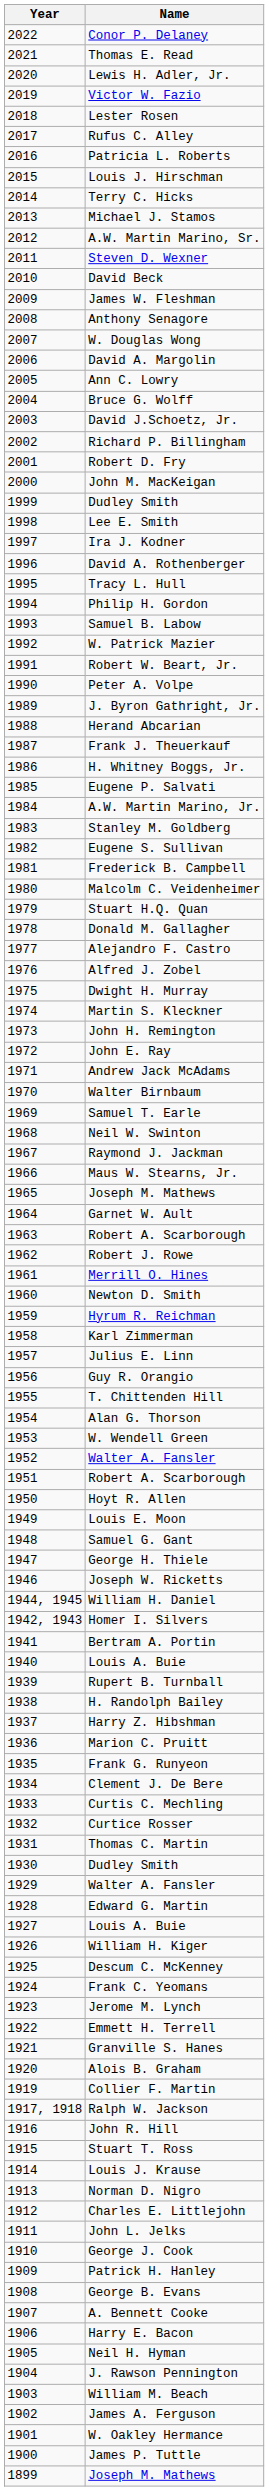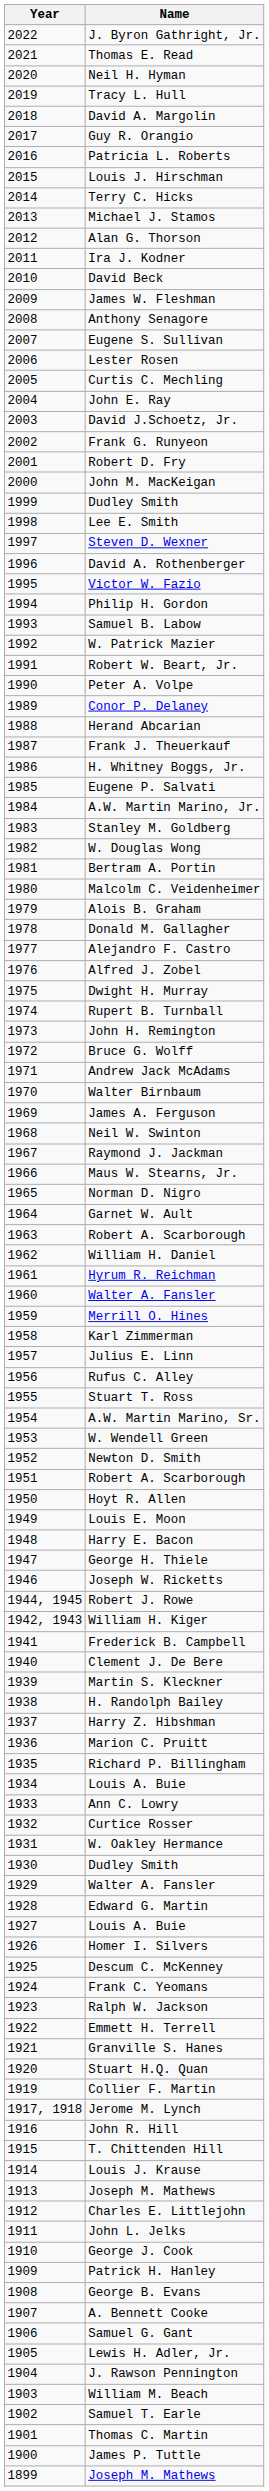 <table class="wikitable">
 <tr>
 <th>Year</th>
 <th>Name</th>
 </tr>
 <tr>
 <td>2022</td>
-<td><a href='#'>Conor P. Delaney</a></td>
+<td>J. Byron Gathright, Jr.</td>
 </tr>
 <tr>
 <td>2021</td>
 <td>Thomas E. Read</td>
 </tr>
 <tr>
 <td>2020</td>
-<td>Lewis H. Adler, Jr.</td>
+<td>Neil H. Hyman</td>
 </tr>
 <tr>
 <td>2019</td>
-<td><a href='#'>Victor W. Fazio</a></td>
+<td>Tracy L. Hull</td>
 </tr>
 <tr>
 <td>2018</td>
-<td>Lester Rosen</td>
+<td>David A. Margolin</td>
 </tr>
 <tr>
 <td>2017</td>
-<td>Rufus C. Alley</td>
+<td>Guy R. Orangio</td>
 </tr>
 <tr>
 <td>2016</td>
 <td>Patricia L. Roberts</td>
 </tr>
 <tr>
 <td>2015</td>
 <td>Louis J. Hirschman</td>
 </tr>
 <tr>
 <td>2014</td>
 <td>Terry C. Hicks</td>
 </tr>
 <tr>
 <td>2013</td>
 <td>Michael J. Stamos</td>
 </tr>
 <tr>
 <td>2012</td>
-<td>A.W. Martin Marino, Sr.</td>
+<td>Alan G. Thorson</td>
 </tr>
 <tr>
 <td>2011</td>
-<td><a href='#'>Steven D. Wexner</a></td>
+<td>Ira J. Kodner</td>
 </tr>
 <tr>
 <td>2010</td>
 <td>David Beck</td>
 </tr>
 <tr>
 <td>2009</td>
 <td>James W. Fleshman</td>
 </tr>
 <tr>
 <td>2008</td>
 <td>Anthony Senagore</td>
 </tr>
 <tr>
 <td>2007</td>
-<td>W. Douglas Wong</td>
+<td>Eugene S. Sullivan</td>
 </tr>
 <tr>
 <td>2006</td>
-<td>David A. Margolin</td>
+<td>Lester Rosen</td>
 </tr>
 <tr>
 <td>2005</td>
-<td>Ann C. Lowry</td>
+<td>Curtis C. Mechling</td>
 </tr>
 <tr>
 <td>2004</td>
-<td>Bruce G. Wolff</td>
+<td>John E. Ray</td>
 </tr>
 <tr>
 <td>2003</td>
 <td>David J.Schoetz, Jr.</td>
 </tr>
 <tr>
 <td>2002</td>
-<td>Richard P. Billingham</td>
+<td>Frank G. Runyeon</td>
 </tr>
 <tr>
 <td>2001</td>
 <td>Robert D. Fry</td>
 </tr>
 <tr>
 <td>2000</td>
 <td>John M. MacKeigan</td>
 </tr>
 <tr>
 <td>1999</td>
 <td>Dudley Smith</td>
 </tr>
 <tr>
 <td>1998</td>
 <td>Lee E. Smith</td>
 </tr>
 <tr>
 <td>1997</td>
-<td>Ira J. Kodner</td>
+<td><a href='#'>Steven D. Wexner</a></td>
 </tr>
 <tr>
 <td>1996</td>
 <td>David A. Rothenberger</td>
 </tr>
 <tr>
 <td>1995</td>
-<td>Tracy L. Hull</td>
+<td><a href='#'>Victor W. Fazio</a></td>
 </tr>
 <tr>
 <td>1994</td>
 <td>Philip H. Gordon</td>
 </tr>
 <tr>
 <td>1993</td>
 <td>Samuel B. Labow</td>
 </tr>
 <tr>
 <td>1992</td>
 <td>W. Patrick Mazier</td>
 </tr>
 <tr>
 <td>1991</td>
 <td>Robert W. Beart, Jr.</td>
 </tr>
 <tr>
 <td>1990</td>
 <td>Peter A. Volpe</td>
 </tr>
 <tr>
 <td>1989</td>
-<td>J. Byron Gathright, Jr.</td>
+<td><a href='#'>Conor P. Delaney</a></td>
 </tr>
 <tr>
 <td>1988</td>
 <td>Herand Abcarian</td>
 </tr>
 <tr>
 <td>1987</td>
 <td>Frank J. Theuerkauf</td>
 </tr>
 <tr>
 <td>1986</td>
 <td>H. Whitney Boggs, Jr.</td>
 </tr>
 <tr>
 <td>1985</td>
 <td>Eugene P. Salvati</td>
 </tr>
 <tr>
 <td>1984</td>
 <td>A.W. Martin Marino, Jr.</td>
 </tr>
 <tr>
 <td>1983</td>
 <td>Stanley M. Goldberg</td>
 </tr>
 <tr>
 <td>1982</td>
-<td>Eugene S. Sullivan</td>
+<td>W. Douglas Wong</td>
 </tr>
 <tr>
 <td>1981</td>
-<td>Frederick B. Campbell</td>
+<td>Bertram A. Portin</td>
 </tr>
 <tr>
 <td>1980</td>
 <td>Malcolm C. Veidenheimer</td>
 </tr>
 <tr>
 <td>1979</td>
-<td>Stuart H.Q. Quan</td>
+<td>Alois B. Graham</td>
 </tr>
 <tr>
 <td>1978</td>
 <td>Donald M. Gallagher</td>
 </tr>
 <tr>
 <td>1977</td>
 <td>Alejandro F. Castro</td>
 </tr>
 <tr>
 <td>1976</td>
 <td>Alfred J. Zobel</td>
 </tr>
 <tr>
 <td>1975</td>
 <td>Dwight H. Murray</td>
 </tr>
 <tr>
 <td>1974</td>
-<td>Martin S. Kleckner</td>
+<td>Rupert B. Turnball</td>
 </tr>
 <tr>
 <td>1973</td>
 <td>John H. Remington</td>
 </tr>
 <tr>
 <td>1972</td>
-<td>John E. Ray</td>
+<td>Bruce G. Wolff</td>
 </tr>
 <tr>
 <td>1971</td>
 <td>Andrew Jack McAdams</td>
 </tr>
 <tr>
 <td>1970</td>
 <td>Walter Birnbaum</td>
 </tr>
 <tr>
 <td>1969</td>
-<td>Samuel T. Earle</td>
+<td>James A. Ferguson</td>
 </tr>
 <tr>
 <td>1968</td>
 <td>Neil W. Swinton</td>
 </tr>
 <tr>
 <td>1967</td>
 <td>Raymond J. Jackman</td>
 </tr>
 <tr>
 <td>1966</td>
 <td>Maus W. Stearns, Jr.</td>
 </tr>
 <tr>
 <td>1965</td>
-<td>Joseph M. Mathews</td>
+<td>Norman D. Nigro</td>
 </tr>
 <tr>
 <td>1964</td>
 <td>Garnet W. Ault</td>
 </tr>
 <tr>
 <td>1963</td>
 <td>Robert A. Scarborough</td>
 </tr>
 <tr>
 <td>1962</td>
-<td>Robert J. Rowe</td>
+<td>William H. Daniel</td>
 </tr>
 <tr>
 <td>1961</td>
-<td><a href='#'>Merrill O. Hines</a></td>
+<td><a href='#'>Hyrum R. Reichman</a></td>
 </tr>
 <tr>
 <td>1960</td>
-<td>Newton D. Smith</td>
+<td><a href='#'>Walter A. Fansler</a></td>
 </tr>
 <tr>
 <td>1959</td>
-<td><a href='#'>Hyrum R. Reichman</a></td>
+<td><a href='#'>Merrill O. Hines</a></td>
 </tr>
 <tr>
 <td>1958</td>
 <td>Karl Zimmerman</td>
 </tr>
 <tr>
 <td>1957</td>
 <td>Julius E. Linn</td>
 </tr>
 <tr>
 <td>1956</td>
-<td>Guy R. Orangio</td>
+<td>Rufus C. Alley</td>
 </tr>
 <tr>
 <td>1955</td>
-<td>T. Chittenden Hill</td>
+<td>Stuart T. Ross</td>
 </tr>
 <tr>
 <td>1954</td>
-<td>Alan G. Thorson</td>
+<td>A.W. Martin Marino, Sr.</td>
 </tr>
 <tr>
 <td>1953</td>
 <td>W. Wendell Green</td>
 </tr>
 <tr>
 <td>1952</td>
-<td><a href='#'>Walter A. Fansler</a></td>
+<td>Newton D. Smith</td>
 </tr>
 <tr>
 <td>1951</td>
 <td>Robert A. Scarborough</td>
 </tr>
 <tr>
 <td>1950</td>
 <td>Hoyt R. Allen</td>
 </tr>
 <tr>
 <td>1949</td>
 <td>Louis E. Moon</td>
 </tr>
 <tr>
 <td>1948</td>
-<td>Samuel G. Gant</td>
+<td>Harry E. Bacon</td>
 </tr>
 <tr>
 <td>1947</td>
 <td>George H. Thiele</td>
 </tr>
 <tr>
 <td>1946</td>
 <td>Joseph W. Ricketts</td>
 </tr>
 <tr>
 <td>1944, 1945</td>
-<td>William H. Daniel</td>
+<td>Robert J. Rowe</td>
 </tr>
 <tr>
 <td>1942, 1943</td>
-<td>Homer I. Silvers</td>
+<td>William H. Kiger</td>
 </tr>
 <tr>
 <td>1941</td>
-<td>Bertram A. Portin</td>
+<td>Frederick B. Campbell</td>
 </tr>
 <tr>
 <td>1940</td>
-<td>Louis A. Buie</td>
+<td>Clement J. De Bere</td>
 </tr>
 <tr>
 <td>1939</td>
-<td>Rupert B. Turnball</td>
+<td>Martin S. Kleckner</td>
 </tr>
 <tr>
 <td>1938</td>
 <td>H. Randolph Bailey</td>
 </tr>
 <tr>
 <td>1937</td>
 <td>Harry Z. Hibshman</td>
 </tr>
 <tr>
 <td>1936</td>
 <td>Marion C. Pruitt</td>
 </tr>
 <tr>
 <td>1935</td>
-<td>Frank G. Runyeon</td>
+<td>Richard P. Billingham</td>
 </tr>
 <tr>
 <td>1934</td>
-<td>Clement J. De Bere</td>
+<td>Louis A. Buie</td>
 </tr>
 <tr>
 <td>1933</td>
-<td>Curtis C. Mechling</td>
+<td>Ann C. Lowry</td>
 </tr>
 <tr>
 <td>1932</td>
 <td>Curtice Rosser</td>
 </tr>
 <tr>
 <td>1931</td>
-<td>Thomas C. Martin</td>
+<td>W. Oakley Hermance</td>
 </tr>
 <tr>
 <td>1930</td>
 <td>Dudley Smith</td>
 </tr>
 <tr>
 <td>1929</td>
 <td>Walter A. Fansler</td>
 </tr>
 <tr>
 <td>1928</td>
 <td>Edward G. Martin</td>
 </tr>
 <tr>
 <td>1927</td>
 <td>Louis A. Buie</td>
 </tr>
 <tr>
 <td>1926</td>
-<td>William H. Kiger</td>
+<td>Homer I. Silvers</td>
 </tr>
 <tr>
 <td>1925</td>
 <td>Descum C. McKenney</td>
 </tr>
 <tr>
 <td>1924</td>
 <td>Frank C. Yeomans</td>
 </tr>
 <tr>
 <td>1923</td>
-<td>Jerome M. Lynch</td>
+<td>Ralph W. Jackson</td>
 </tr>
 <tr>
 <td>1922</td>
 <td>Emmett H. Terrell</td>
 </tr>
 <tr>
 <td>1921</td>
 <td>Granville S. Hanes</td>
 </tr>
 <tr>
 <td>1920</td>
-<td>Alois B. Graham</td>
+<td>Stuart H.Q. Quan</td>
 </tr>
 <tr>
 <td>1919</td>
 <td>Collier F. Martin</td>
 </tr>
 <tr>
 <td>1917, 1918</td>
-<td>Ralph W. Jackson</td>
+<td>Jerome M. Lynch</td>
 </tr>
 <tr>
 <td>1916</td>
 <td>John R. Hill</td>
 </tr>
 <tr>
 <td>1915</td>
-<td>Stuart T. Ross</td>
+<td>T. Chittenden Hill</td>
 </tr>
 <tr>
 <td>1914</td>
 <td>Louis J. Krause</td>
 </tr>
 <tr>
 <td>1913</td>
-<td>Norman D. Nigro</td>
+<td>Joseph M. Mathews</td>
 </tr>
 <tr>
 <td>1912</td>
 <td>Charles E. Littlejohn</td>
 </tr>
 <tr>
 <td>1911</td>
 <td>John L. Jelks</td>
 </tr>
 <tr>
 <td>1910</td>
 <td>George J. Cook</td>
 </tr>
 <tr>
 <td>1909</td>
 <td>Patrick H. Hanley</td>
 </tr>
 <tr>
 <td>1908</td>
 <td>George B. Evans</td>
 </tr>
 <tr>
 <td>1907</td>
 <td>A. Bennett Cooke</td>
 </tr>
 <tr>
 <td>1906</td>
-<td>Harry E. Bacon</td>
+<td>Samuel G. Gant</td>
 </tr>
 <tr>
 <td>1905</td>
-<td>Neil H. Hyman</td>
+<td>Lewis H. Adler, Jr.</td>
 </tr>
 <tr>
 <td>1904</td>
 <td>J. Rawson Pennington</td>
 </tr>
 <tr>
 <td>1903</td>
 <td>William M. Beach</td>
 </tr>
 <tr>
 <td>1902</td>
-<td>James A. Ferguson</td>
+<td>Samuel T. Earle</td>
 </tr>
 <tr>
 <td>1901</td>
-<td>W. Oakley Hermance</td>
+<td>Thomas C. Martin</td>
 </tr>
 <tr>
 <td>1900</td>
 <td>James P. Tuttle</td>
 </tr>
 <tr>
 <td>1899</td>
 <td><a href='#'>Joseph M. Mathews</a></td>
 </tr>
 </table>
